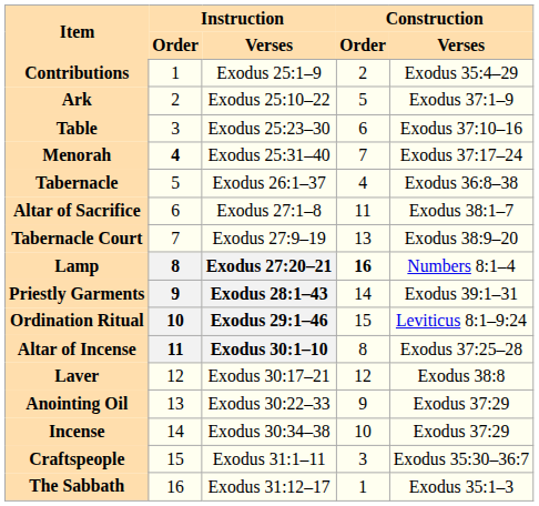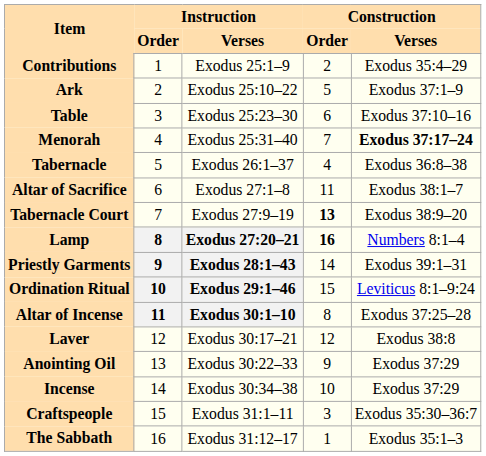 <table class="wikitable" style="text-align:center; background:Ivory;">
 <tr>
 <th style="border:1px white; background:Navajowhite;" rowspan=2>Item</th>
 <th style="border:1px white; background:Navajowhite;" colspan=2>Instruction</th>
 <th style="border:1px white; background:Navajowhite;" colspan=2>Construction</th>
 </tr>
 <tr>
 <th style="border:1px white; background:Navajowhite;">Order</th>
 <th style="border:1px white; background:Navajowhite;">Verses</th>
 <th style="border:1px white; background:Navajowhite;">Order</th>
 <th style="border:1px white; background:Navajowhite;">Verses</th>
 </tr>
 <tr>
 <th style="border:1px white; background:Navajowhite;">Contributions</th>
 <td>1</td>
 <td>Exodus 25:1–9</td>
 <td>2</td>
 <td>Exodus 35:4–29</td>
 </tr>
 <tr>
 <th style="border:1px white; background:Navajowhite;">Ark</th>
 <td>2</td>
 <td>Exodus 25:10–22</td>
 <td>5</td>
 <td>Exodus 37:1–9</td>
 </tr>
 <tr>
 <th style="border:1px white; background:Navajowhite;">Table</th>
 <td>3</td>
 <td>Exodus 25:23–30</td>
 <td>6</td>
 <td>Exodus 37:10–16</td>
 </tr>
 <tr>
 <th style="border:1px white; background:Navajowhite;">Menorah</th>
-<td><strong>4</strong></td>
+<td>4</td>
 <td>Exodus 25:31–40</td>
 <td>7</td>
-<td>Exodus 37:17–24</td>
+<td><strong>Exodus 37:17–24</strong></td>
 </tr>
 <tr>
 <th style="border:1px white; background:Navajowhite;">Tabernacle</th>
 <td>5</td>
 <td>Exodus 26:1–37</td>
 <td>4</td>
 <td>Exodus 36:8–38</td>
 </tr>
 <tr>
 <th style="border:1px white; background:Navajowhite;">Altar of Sacrifice</th>
 <td>6</td>
 <td>Exodus 27:1–8</td>
 <td>11</td>
 <td>Exodus 38:1–7</td>
 </tr>
 <tr>
 <th style="border:1px white; background:Navajowhite;">Tabernacle Court</th>
 <td>7</td>
 <td>Exodus 27:9–19</td>
-<td>13</td>
+<td><strong>13</strong></td>
 <td>Exodus 38:9–20</td>
 </tr>
 <tr>
 <th style="border:1px white; background:Navajowhite;">Lamp</th>
 <th>8</th>
 <th>Exodus 27:20–21</th>
 <td><strong>16</strong></td>
 <td><a href='#'>Numbers</a> 8:1–4</td>
 </tr>
 <tr>
 <th style="border:1px white; background:Navajowhite;">Priestly Garments</th>
 <th>9</th>
 <th>Exodus 28:1–43</th>
 <td>14</td>
 <td>Exodus 39:1–31</td>
 </tr>
 <tr>
 <th style="border:1px white; background:Navajowhite;">Ordination Ritual</th>
 <th>10</th>
 <th>Exodus 29:1–46</th>
 <td>15</td>
 <td><a href='#'>Leviticus</a> 8:1–9:24</td>
 </tr>
 <tr>
 <th style="border:1px white; background:Navajowhite;">Altar of Incense</th>
 <th>11</th>
 <th>Exodus 30:1–10</th>
 <td>8</td>
 <td>Exodus 37:25–28</td>
 </tr>
 <tr>
 <th style="border:1px white; background:Navajowhite;">Laver</th>
 <td>12</td>
 <td>Exodus 30:17–21</td>
 <td>12</td>
 <td>Exodus 38:8</td>
 </tr>
 <tr>
 <th style="border:1px white; background:Navajowhite;">Anointing Oil</th>
 <td>13</td>
 <td>Exodus 30:22–33</td>
 <td>9</td>
 <td>Exodus 37:29</td>
 </tr>
 <tr>
 <th style="border:1px white; background:Navajowhite;">Incense</th>
 <td>14</td>
 <td>Exodus 30:34–38</td>
 <td>10</td>
 <td>Exodus 37:29</td>
 </tr>
 <tr>
 <th style="border:1px white; background:Navajowhite;">Craftspeople</th>
 <td>15</td>
 <td>Exodus 31:1–11</td>
 <td>3</td>
 <td>Exodus 35:30–36:7</td>
 </tr>
 <tr>
 <th style="border:1px white; background:Navajowhite;">The Sabbath</th>
 <td>16</td>
 <td>Exodus 31:12–17</td>
 <td>1</td>
 <td>Exodus 35:1–3</td>
 </tr>
 </table>
